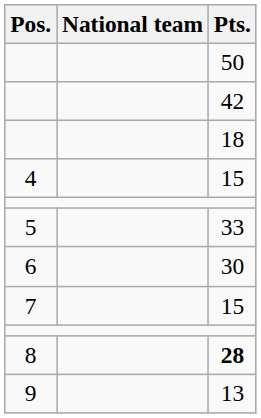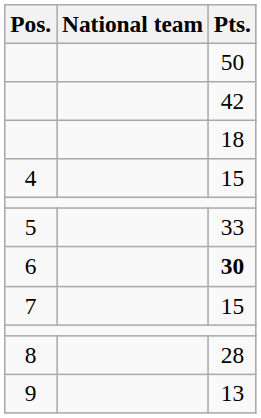 <table class=wikitable style="font-size: 95%">
 <tr>
 <th>Pos.</th>
 <th>National team</th>
 <th>Pts.</th>
 </tr>
 <tr align=center>
 <td></td>
 <td align=left></td>
 <td>50</td>
 </tr>
 <tr align=center>
 <td></td>
 <td align=left></td>
 <td>42</td>
 </tr>
 <tr align=center>
 <td></td>
 <td align=left></td>
 <td>18</td>
 </tr>
 <tr align=center>
 <td>4</td>
 <td align=left></td>
 <td>15</td>
 </tr>
 <tr>
 <td colspan=3 ></td>
 </tr>
 <tr align=center>
 <td>5</td>
 <td align=left></td>
 <td>33</td>
 </tr>
 <tr align=center>
 <td>6</td>
 <td align=left></td>
-<td>30</td>
+<td><strong>30</strong></td>
 </tr>
 <tr align=center>
 <td>7</td>
 <td align=left></td>
 <td>15</td>
 </tr>
 <tr>
 <td colspan=3 ></td>
 </tr>
 <tr align=center>
 <td>8</td>
 <td align=left></td>
-<td><strong>28</strong></td>
+<td>28</td>
 </tr>
 <tr align=center>
 <td>9</td>
 <td align=left></td>
 <td>13</td>
 </tr>
 </table>
